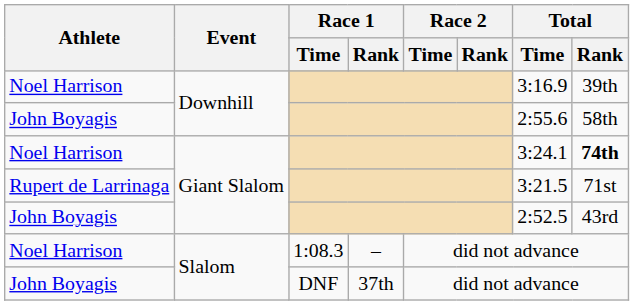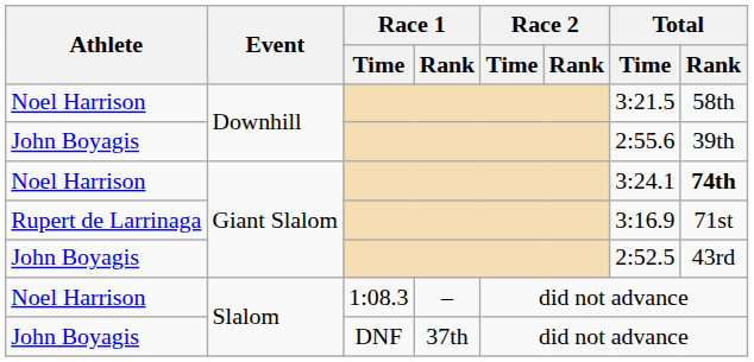 <table class="wikitable" style="font-size:90%">
 <tr>
 <th rowspan="2">Athlete</th>
 <th rowspan="2">Event</th>
 <th colspan="2">Race 1</th>
 <th colspan="2">Race 2</th>
 <th colspan="2">Total</th>
 </tr>
 <tr>
 <th>Time</th>
 <th>Rank</th>
 <th>Time</th>
 <th>Rank</th>
 <th>Time</th>
 <th>Rank</th>
 </tr>
 <tr>
 <td><a href='#'>Noel Harrison</a></td>
 <td rowspan="2">Downhill</td>
 <td colspan="4" bgcolor="wheat"></td>
-<td align="center">3:16.9</td>
-<td align="center">39th</td>
+<td align="center">3:21.5</td>
+<td align="center">58th</td>
 </tr>
 <tr>
 <td><a href='#'>John Boyagis</a></td>
 <td colspan="4" bgcolor="wheat"></td>
 <td align="center">2:55.6</td>
-<td align="center">58th</td>
+<td align="center">39th</td>
 </tr>
 <tr>
 <td><a href='#'>Noel Harrison</a></td>
 <td rowspan="3">Giant Slalom</td>
 <td colspan="4" bgcolor="wheat"></td>
 <td align="center">3:24.1</td>
 <td align="center"><strong>74th</strong></td>
 </tr>
 <tr>
 <td><a href='#'>Rupert de Larrinaga</a></td>
 <td colspan="4" bgcolor="wheat"></td>
-<td align="center">3:21.5</td>
+<td align="center">3:16.9</td>
 <td align="center">71st</td>
 </tr>
 <tr>
 <td><a href='#'>John Boyagis</a></td>
 <td colspan="4" bgcolor="wheat"></td>
 <td align="center">2:52.5</td>
 <td align="center">43rd</td>
 </tr>
 <tr>
 <td><a href='#'>Noel Harrison</a></td>
 <td rowspan="2">Slalom</td>
 <td align="center">1:08.3</td>
 <td align="center">–</td>
 <td colspan="4" align="center">did not advance</td>
 </tr>
 <tr>
 <td><a href='#'>John Boyagis</a></td>
 <td align="center">DNF</td>
 <td align="center">37th</td>
 <td colspan="4" align="center">did not advance</td>
 </tr>
 </table>
